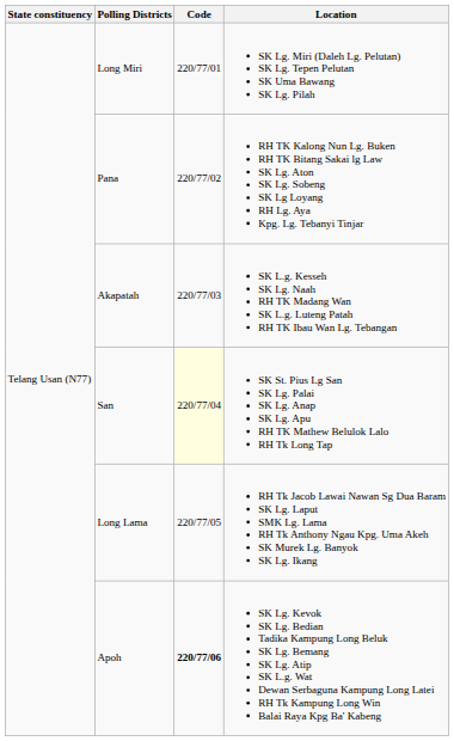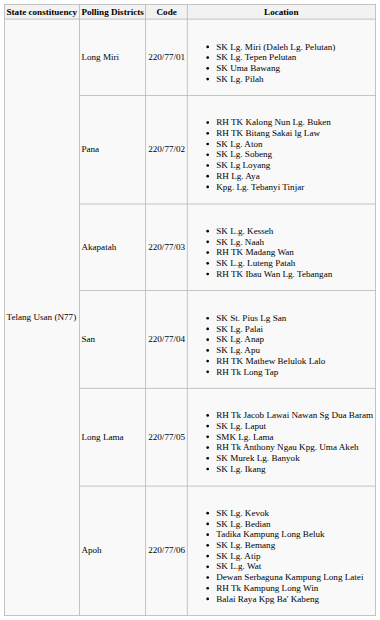 <table class="wikitable sortable mw-collapsible" style="white-space:nowrap;font-size:85%">
 <tr>
 <th>State constituency</th>
 <th>Polling Districts</th>
 <th>Code</th>
 <th>Location</th>
 </tr>
 <tr>
 <td rowspan="6">Telang Usan (N77)</td>
 <td>Long Miri</td>
 <td>220/77/01</td>
 <td><br><ul><li>SK Lg. Miri (Daleh Lg. Pelutan)</li><li>SK Lg. Tepen Pelutan</li><li>SK Uma Bawang</li><li>SK Lg. Pilah</li></ul></td>
 </tr>
 <tr>
 <td>Pana</td>
 <td>220/77/02</td>
 <td><br><ul><li>RH TK Kalong Nun Lg. Buken</li><li>RH TK Bitang Sakai lg Law</li><li>SK Lg. Aton</li><li>SK Lg. Sobeng</li><li>SK Lg Loyang</li><li>RH Lg. Aya</li><li>Kpg. Lg. Tebanyi Tinjar</li></ul></td>
 </tr>
 <tr>
 <td>Akapatah</td>
 <td>220/77/03</td>
 <td><br><ul><li>SK L.g. Kesseh</li><li>SK Lg. Naah</li><li>RH TK Madang Wan</li><li>SK L.g. Luteng Patah</li><li>RH TK Ibau Wan Lg. Tebangan</li></ul></td>
 </tr>
 <tr>
 <td>San</td>
-<td style="background: lightyellow;">220/77/04</td>
+<td>220/77/04</td>
 <td><br><ul><li>SK St. Pius Lg San</li><li>SK Lg. Palai</li><li>SK Lg. Anap</li><li>SK Lg. Apu</li><li>RH TK Mathew Belulok Lalo</li><li>RH Tk Long Tap</li></ul></td>
 </tr>
 <tr>
 <td>Long Lama</td>
 <td>220/77/05</td>
 <td><br><ul><li>RH Tk Jacob Lawai Nawan Sg Dua Baram</li><li>SK Lg. Laput</li><li>SMK Lg. Lama</li><li>RH Tk Anthony Ngau Kpg. Uma Akeh</li><li>SK Murek Lg. Banyok</li><li>SK Lg. Ikang</li></ul></td>
 </tr>
 <tr>
 <td>Apoh</td>
-<td><strong>220/77/06</strong></td>
+<td>220/77/06</td>
 <td><br><ul><li>SK Lg. Kevok</li><li>SK Lg. Bedian</li><li>Tadika Kampung Long Beluk</li><li>SK Lg. Bemang</li><li>SK Lg. Atip</li><li>SK L.g. Wat</li><li>Dewan Serbaguna Kampung Long Latei</li><li>RH Tk Kampung Long Win</li><li>Balai Raya Kpg Ba' Kabeng</li></ul></td>
 </tr>
 </table>
